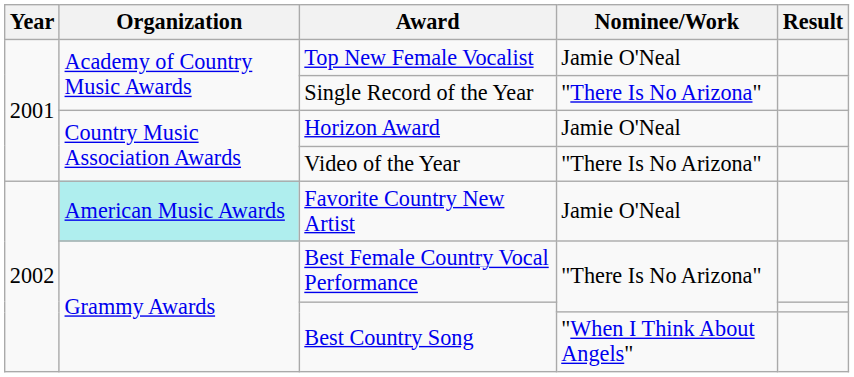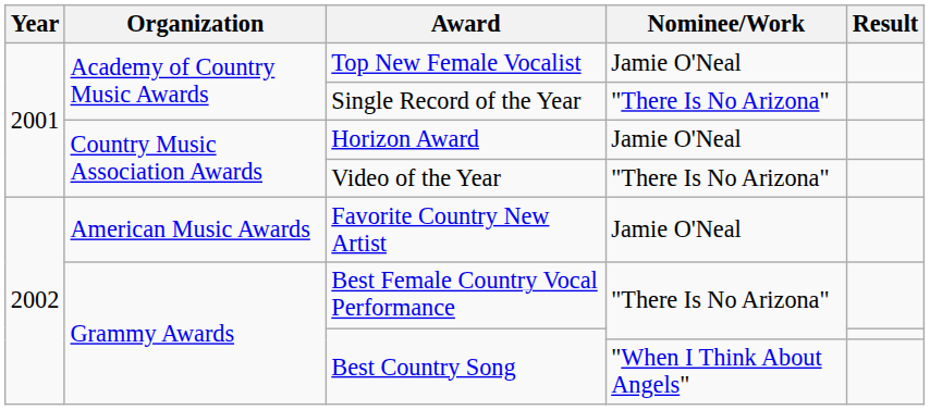 <table class="wikitable">
 <tr>
 <th>Year</th>
 <th>Organization</th>
 <th>Award</th>
 <th>Nominee/Work</th>
 <th>Result</th>
 </tr>
 <tr>
 <td rowspan=4>2001</td>
 <td rowspan=2><a href='#'>Academy of Country Music Awards</a></td>
 <td><a href='#'>Top New Female Vocalist</a></td>
 <td>Jamie O'Neal</td>
 <td></td>
 </tr>
 <tr>
 <td>Single Record of the Year</td>
 <td>"<a href='#'>There Is No Arizona</a>"</td>
 <td></td>
 </tr>
 <tr>
 <td rowspan=2><a href='#'>Country Music Association Awards</a></td>
 <td><a href='#'>Horizon Award</a></td>
 <td>Jamie O'Neal</td>
 <td></td>
 </tr>
 <tr>
 <td>Video of the Year</td>
 <td>"There Is No Arizona"</td>
 <td></td>
 </tr>
 <tr>
 <td rowspan=4>2002</td>
-<td style="background: paleturquoise;"><a href='#'>American Music Awards</a></td>
+<td><a href='#'>American Music Awards</a></td>
 <td><a href='#'>Favorite Country New Artist</a></td>
 <td>Jamie O'Neal</td>
 <td></td>
 </tr>
 <tr>
 <td rowspan=3><a href='#'>Grammy Awards</a></td>
 <td><a href='#'>Best Female Country Vocal Performance</a></td>
 <td rowspan=2>"There Is No Arizona"</td>
 <td></td>
 </tr>
 <tr>
 <td rowspan=2><a href='#'>Best Country Song</a></td>
 <td></td>
 </tr>
 <tr>
 <td>"<a href='#'>When I Think About Angels</a>"</td>
 <td></td>
 </tr>
 </table>
